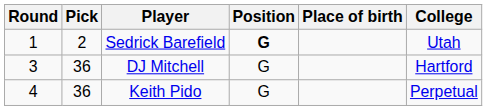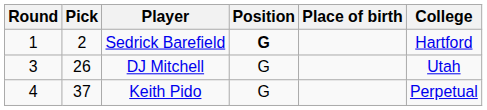 <table class="wikitable sortable sortable" style="text-align:center">
 <tr>
 <th>Round</th>
 <th>Pick</th>
 <th>Player</th>
 <th>Position</th>
 <th>Place of birth</th>
 <th>College</th>
 </tr>
 <tr>
 <td>1</td>
 <td>2</td>
 <td><a href='#'>Sedrick Barefield</a></td>
 <td><strong>G</strong></td>
 <td></td>
+<td><a href='#'>Hartford</a></td>
+</tr>
+<tr>
+<td>3</td>
+<td>26</td>
+<td><a href='#'>DJ Mitchell</a></td>
+<td>G</td>
+<td></td>
 <td><a href='#'>Utah</a></td>
 </tr>
 <tr>
-<td>3</td>
-<td>36</td>
-<td><a href='#'>DJ Mitchell</a></td>
-<td>G</td>
-<td></td>
-<td><a href='#'>Hartford</a></td>
-</tr>
-<tr>
 <td>4</td>
-<td>36</td>
+<td>37</td>
 <td><a href='#'>Keith Pido</a></td>
 <td>G</td>
 <td></td>
 <td><a href='#'>Perpetual</a></td>
 </tr>
 </table>
